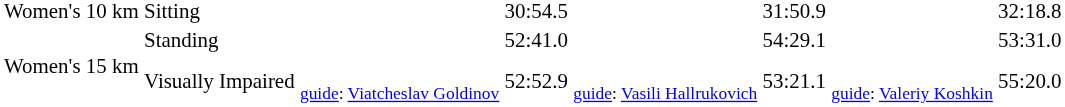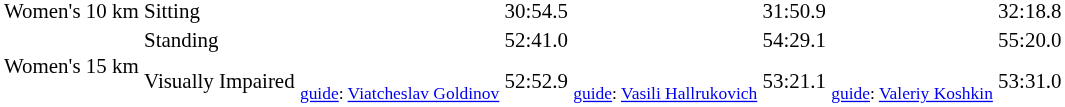 <table>
 <tr>
 <td>Women's 10 km</td>
 <td>Sitting</td>
 <td></td>
 <td>30:54.5</td>
 <td></td>
 <td>31:50.9</td>
 <td></td>
 <td>32:18.8</td>
 </tr>
 <tr>
 <td rowspan="2">Women's 15 km</td>
 <td>Standing</td>
 <td></td>
 <td>52:41.0</td>
 <td></td>
 <td>54:29.1</td>
 <td></td>
-<td>53:31.0</td>
+<td>55:20.0</td>
 </tr>
 <tr>
 <td>Visually Impaired</td>
 <td><br><small><a href='#'>guide</a>: <a href='#'>Viatcheslav Goldinov</a></small></td>
 <td>52:52.9</td>
 <td><br><small><a href='#'>guide</a>: <a href='#'>Vasili Hallrukovich</a></small></td>
 <td>53:21.1</td>
 <td><br><small><a href='#'>guide</a>: <a href='#'>Valeriy Koshkin</a></small></td>
-<td>55:20.0</td>
+<td>53:31.0</td>
 </tr>
 </table>
